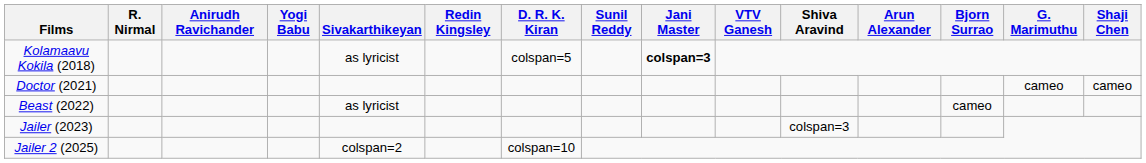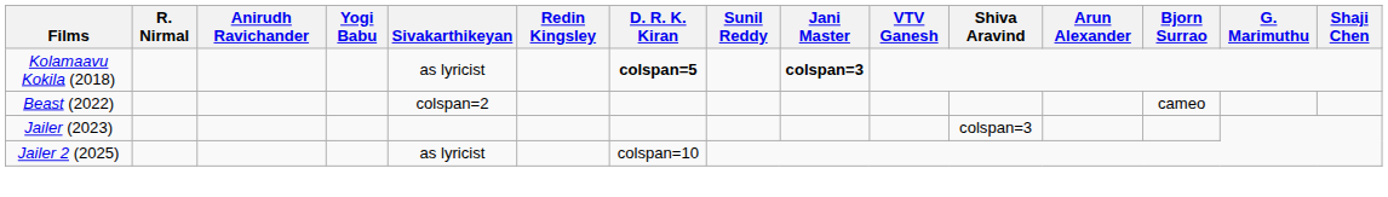 <table class="wikitable" style="text-align:center;font-size:90%;">
 <tr style="vertical-align:bottom;">
 <th>Films</th>
 <th>R. Nirmal</th>
 <th><a href='#'>Anirudh Ravichander</a></th>
 <th><a href='#'>Yogi Babu</a></th>
 <th><a href='#'>Sivakarthikeyan</a></th>
 <th><a href='#'>Redin Kingsley</a></th>
 <th><a href='#'>D. R. K. Kiran</a></th>
 <th><a href='#'>Sunil Reddy</a></th>
 <th><a href='#'>Jani Master</a></th>
 <th><a href='#'>VTV Ganesh</a></th>
 <th>Shiva Aravind</th>
 <th><a href='#'>Arun Alexander</a></th>
 <th><a href='#'>Bjorn Surrao</a></th>
 <th><a href='#'>G. Marimuthu</a></th>
 <th><a href='#'>Shaji Chen</a></th>
 </tr>
 <tr>
 <td><em><a href='#'>Kolamaavu Kokila</a></em> (2018)</td>
 <td></td>
 <td></td>
 <td></td>
 <td> as lyricist</td>
 <td></td>
-<td>colspan=5 </td>
+<td><strong>colspan=5 </strong></td>
 <td></td>
 <td><strong>colspan=3 </strong></td>
-</tr>
-<tr>
-<td><em><a href='#'>Doctor</a></em> (2021)</td>
-<td></td>
-<td></td>
-<td></td>
-<td></td>
-<td></td>
-<td></td>
-<td></td>
-<td></td>
-<td></td>
-<td></td>
-<td></td>
-<td></td>
-<td> cameo</td>
-<td> cameo</td>
 </tr>
 <tr>
 <td><em><a href='#'>Beast</a></em> (2022)</td>
 <td></td>
 <td></td>
 <td></td>
-<td> as lyricist</td>
+<td>colspan=2 </td>
 <td></td>
 <td></td>
 <td></td>
 <td></td>
 <td></td>
 <td></td>
 <td></td>
 <td> cameo</td>
 <td></td>
 <td></td>
 </tr>
 <tr>
 <td><em><a href='#'>Jailer</a></em> (2023)</td>
 <td></td>
 <td></td>
 <td></td>
 <td></td>
 <td></td>
 <td></td>
 <td></td>
 <td></td>
 <td></td>
 <td>colspan=3 </td>
 <td></td>
 <td></td>
 </tr>
 <tr>
 <td><em><a href='#'>Jailer 2</a></em> (2025)</td>
 <td></td>
 <td></td>
 <td></td>
-<td>colspan=2 </td>
+<td> as lyricist</td>
 <td></td>
 <td>colspan=10 </td>
 </tr>
 </table>
